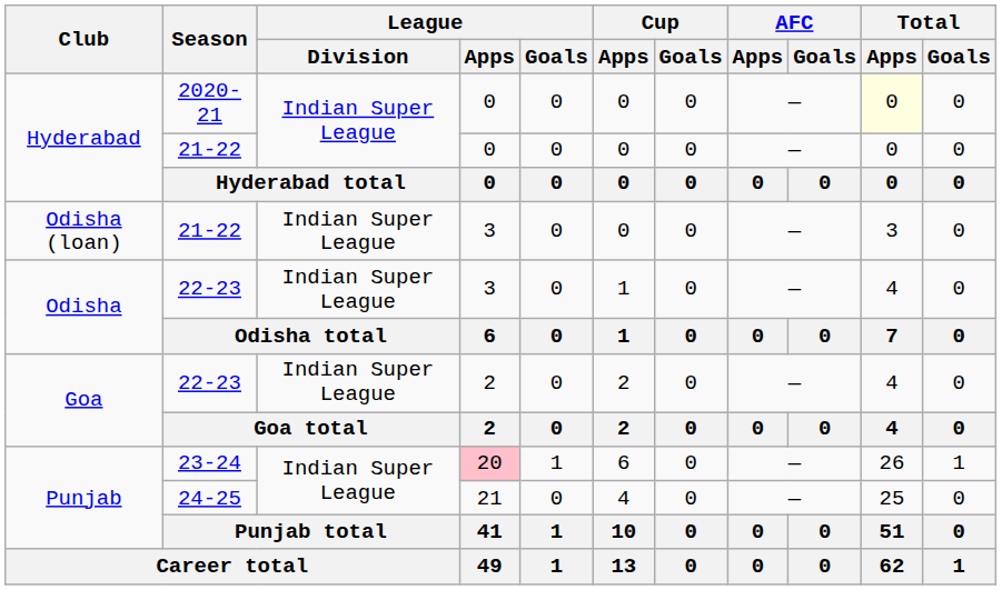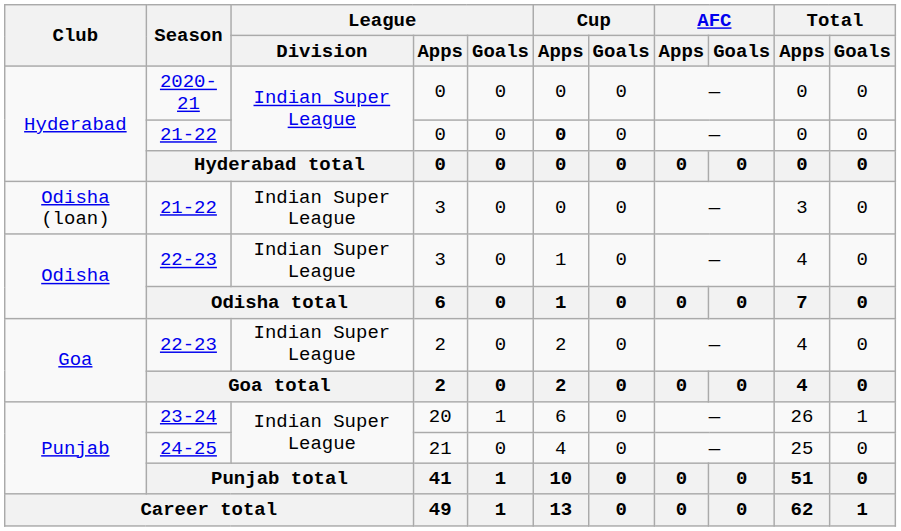 <table class="wikitable" style="text-align: center;">
 <tr>
 <th rowspan="2">Club</th>
 <th rowspan="2">Season</th>
 <th colspan="3">League</th>
 <th colspan="2">Cup</th>
 <th colspan="2"><a href='#'>AFC</a></th>
 <th colspan="2">Total</th>
 </tr>
 <tr>
 <th>Division</th>
 <th>Apps</th>
 <th>Goals</th>
 <th>Apps</th>
 <th>Goals</th>
 <th>Apps</th>
 <th>Goals</th>
 <th>Apps</th>
 <th>Goals</th>
 </tr>
 <tr>
 <td rowspan="3"><a href='#'>Hyderabad</a></td>
 <td><a href='#'>2020-21</a></td>
 <td rowspan="2"><a href='#'>Indian Super League</a></td>
 <td>0</td>
 <td>0</td>
 <td>0</td>
 <td>0</td>
 <td colspan="2">—</td>
-<td style="background: lightyellow;">0</td>
+<td>0</td>
 <td>0</td>
 </tr>
 <tr>
 <td><a href='#'>21-22</a></td>
 <td>0</td>
 <td>0</td>
-<td>0</td>
+<td><strong>0</strong></td>
 <td>0</td>
 <td colspan="2">—</td>
 <td>0</td>
 <td>0</td>
 </tr>
 <tr>
 <th colspan="2">Hyderabad total</th>
 <th>0</th>
 <th>0</th>
 <th>0</th>
 <th>0</th>
 <th>0</th>
 <th>0</th>
 <th>0</th>
 <th>0</th>
 </tr>
 <tr>
 <td rowspan="1"><a href='#'>Odisha</a> (loan)</td>
 <td><a href='#'>21-22</a></td>
 <td>Indian Super League</td>
 <td>3</td>
 <td>0</td>
 <td>0</td>
 <td>0</td>
 <td colspan="2">—</td>
 <td>3</td>
 <td>0</td>
 </tr>
 <tr>
 <td rowspan="2"><a href='#'>Odisha</a></td>
 <td><a href='#'>22-23</a></td>
 <td>Indian Super League</td>
 <td>3</td>
 <td>0</td>
 <td>1</td>
 <td>0</td>
 <td colspan="2">—</td>
 <td>4</td>
 <td>0</td>
 </tr>
 <tr>
 <th colspan="2">Odisha total</th>
 <th>6</th>
 <th>0</th>
 <th>1</th>
 <th>0</th>
 <th>0</th>
 <th>0</th>
 <th>7</th>
 <th>0</th>
 </tr>
 <tr>
 <td rowspan="2"><a href='#'>Goa</a></td>
 <td><a href='#'>22-23</a></td>
 <td>Indian Super League</td>
 <td>2</td>
 <td>0</td>
 <td>2</td>
 <td>0</td>
 <td colspan="2">—</td>
 <td>4</td>
 <td>0</td>
 </tr>
 <tr>
 <th colspan="2">Goa total</th>
 <th>2</th>
 <th>0</th>
 <th>2</th>
 <th>0</th>
 <th>0</th>
 <th>0</th>
 <th>4</th>
 <th>0</th>
 </tr>
 <tr>
 <td rowspan="3"><a href='#'>Punjab</a></td>
 <td><a href='#'>23-24</a></td>
 <td rowspan="2">Indian Super League</td>
-<td style="background: pink;">20</td>
+<td>20</td>
 <td>1</td>
 <td>6</td>
 <td>0</td>
 <td colspan="2">—</td>
 <td>26</td>
 <td>1</td>
 </tr>
 <tr>
 <td><a href='#'>24-25</a></td>
 <td>21</td>
 <td>0</td>
 <td>4</td>
 <td>0</td>
 <td colspan="2">—</td>
 <td>25</td>
 <td>0</td>
 </tr>
 <tr>
 <th colspan="2">Punjab total</th>
 <th>41</th>
 <th>1</th>
 <th>10</th>
 <th>0</th>
 <th>0</th>
 <th>0</th>
 <th>51</th>
 <th>0</th>
 </tr>
 <tr>
 <th colspan="3">Career total</th>
 <th>49</th>
 <th>1</th>
 <th>13</th>
 <th>0</th>
 <th>0</th>
 <th>0</th>
 <th>62</th>
 <th>1</th>
 </tr>
 </table>
